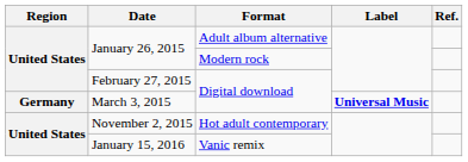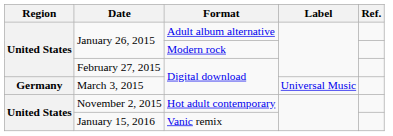 <table class="wikitable plainrowheaders">
 <tr>
 <th>Region</th>
 <th>Date</th>
 <th>Format</th>
 <th>Label</th>
 <th>Ref.</th>
 </tr>
 <tr>
 <th rowspan="3" scope="row">United States</th>
 <td rowspan="2">January 26, 2015</td>
 <td><a href='#'>Adult album alternative</a></td>
 <td rowspan="3"></td>
 <td></td>
 </tr>
 <tr>
 <td><a href='#'>Modern rock</a></td>
 <td></td>
 </tr>
 <tr>
 <td>February 27, 2015</td>
 <td rowspan="2"><a href='#'>Digital download</a></td>
 <td></td>
 </tr>
 <tr>
 <th scope="row">Germany</th>
 <td>March 3, 2015</td>
-<td><strong><a href='#'>Universal Music</a></strong></td>
+<td><a href='#'>Universal Music</a></td>
 <td></td>
 </tr>
 <tr>
 <th rowspan="2" scope="row">United States</th>
 <td>November 2, 2015</td>
 <td><a href='#'>Hot adult contemporary</a></td>
 <td rowspan="2"></td>
 <td></td>
 </tr>
 <tr>
 <td>January 15, 2016</td>
 <td><a href='#'>Vanic</a> remix</td>
 <td></td>
 </tr>
 </table>
